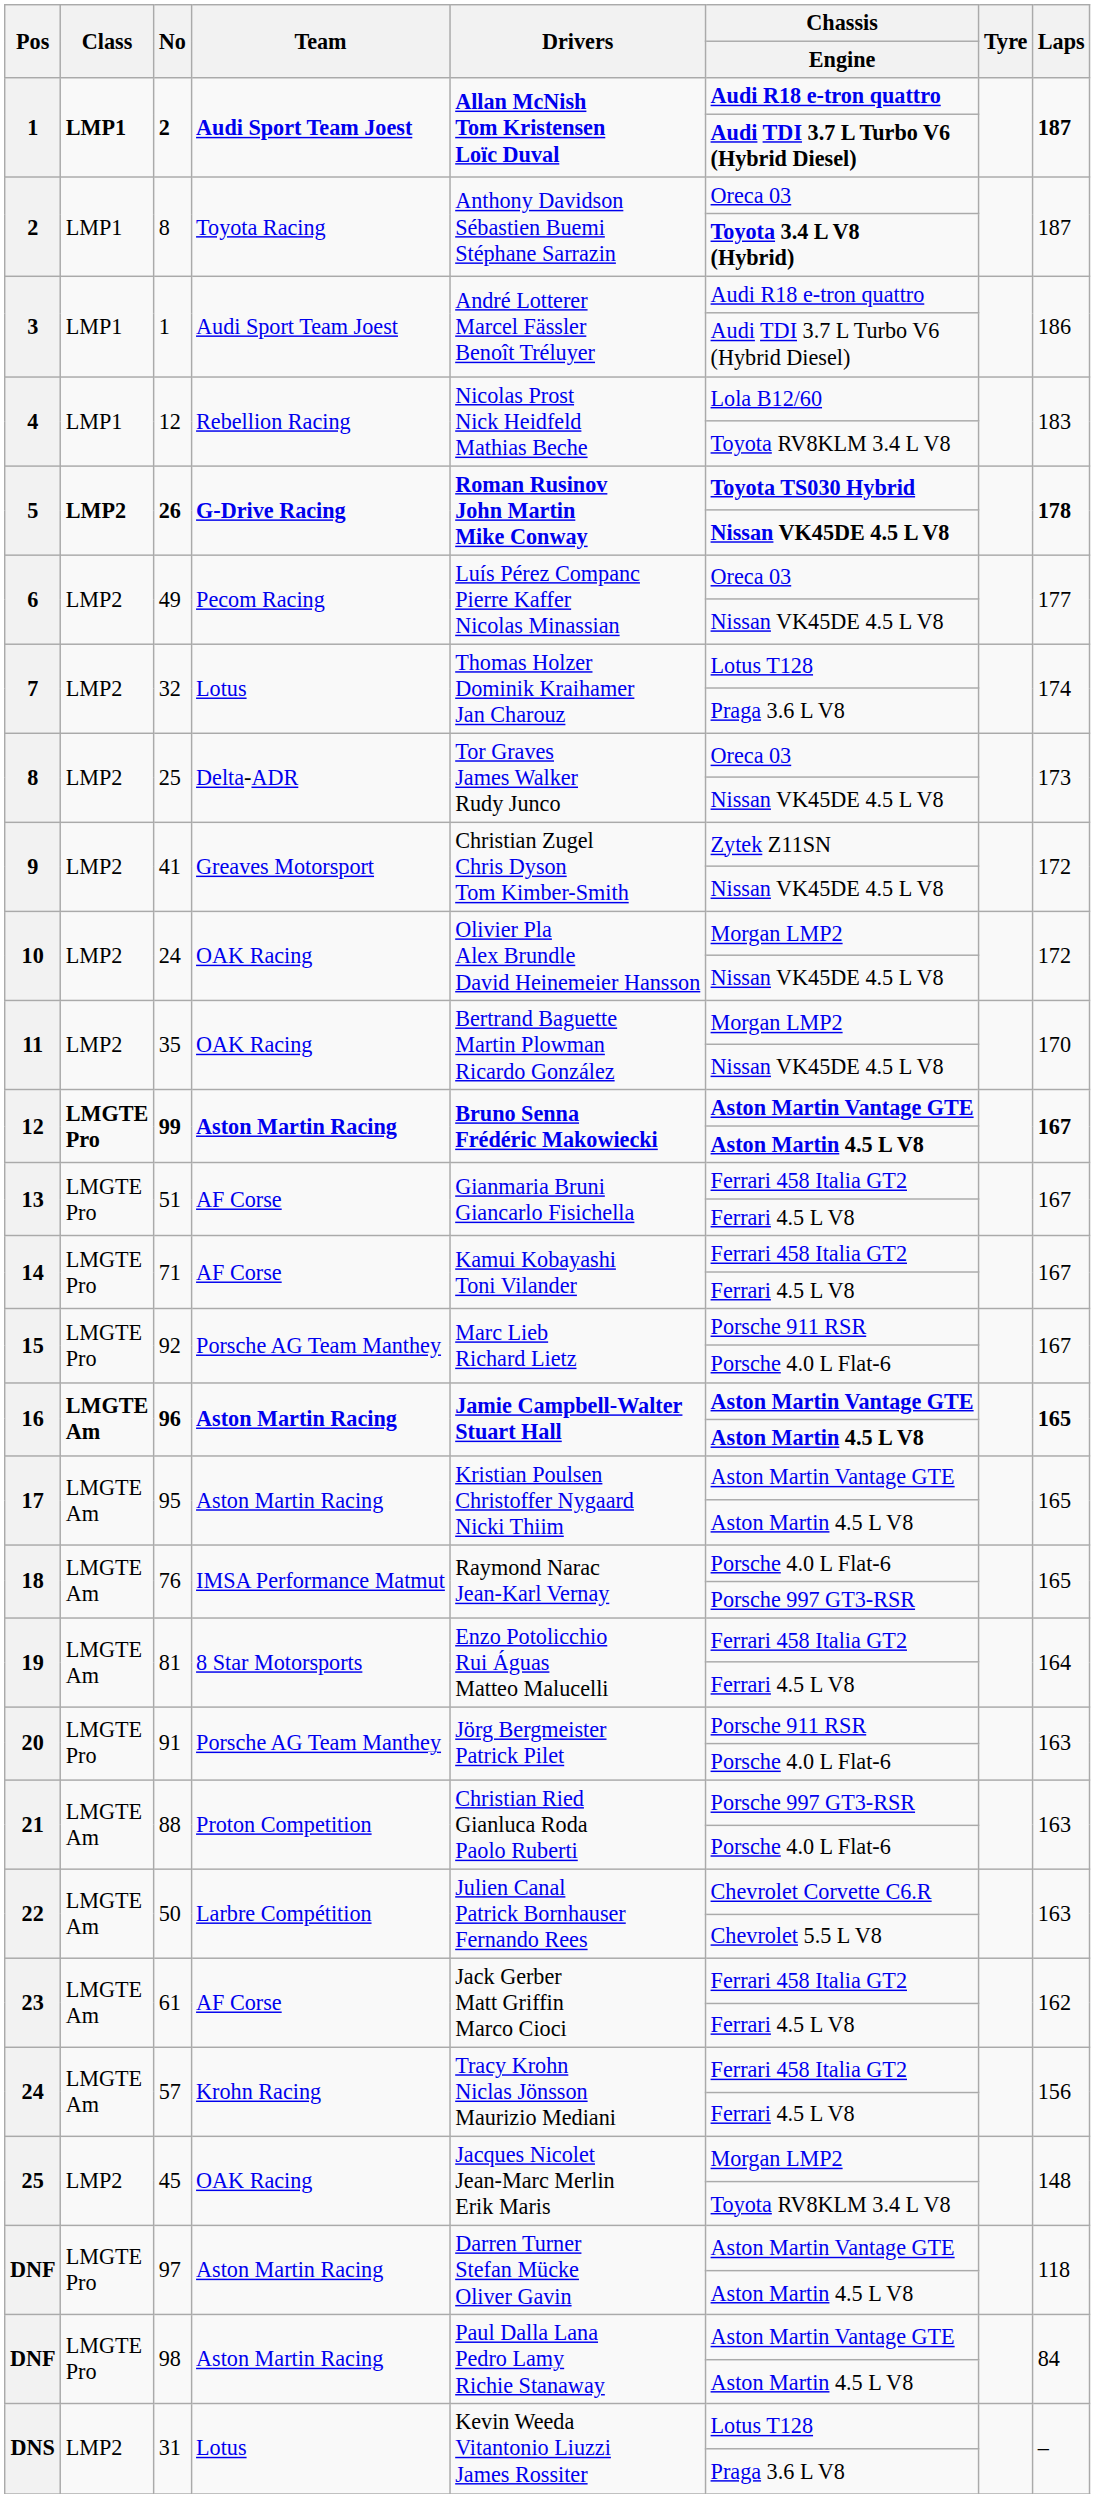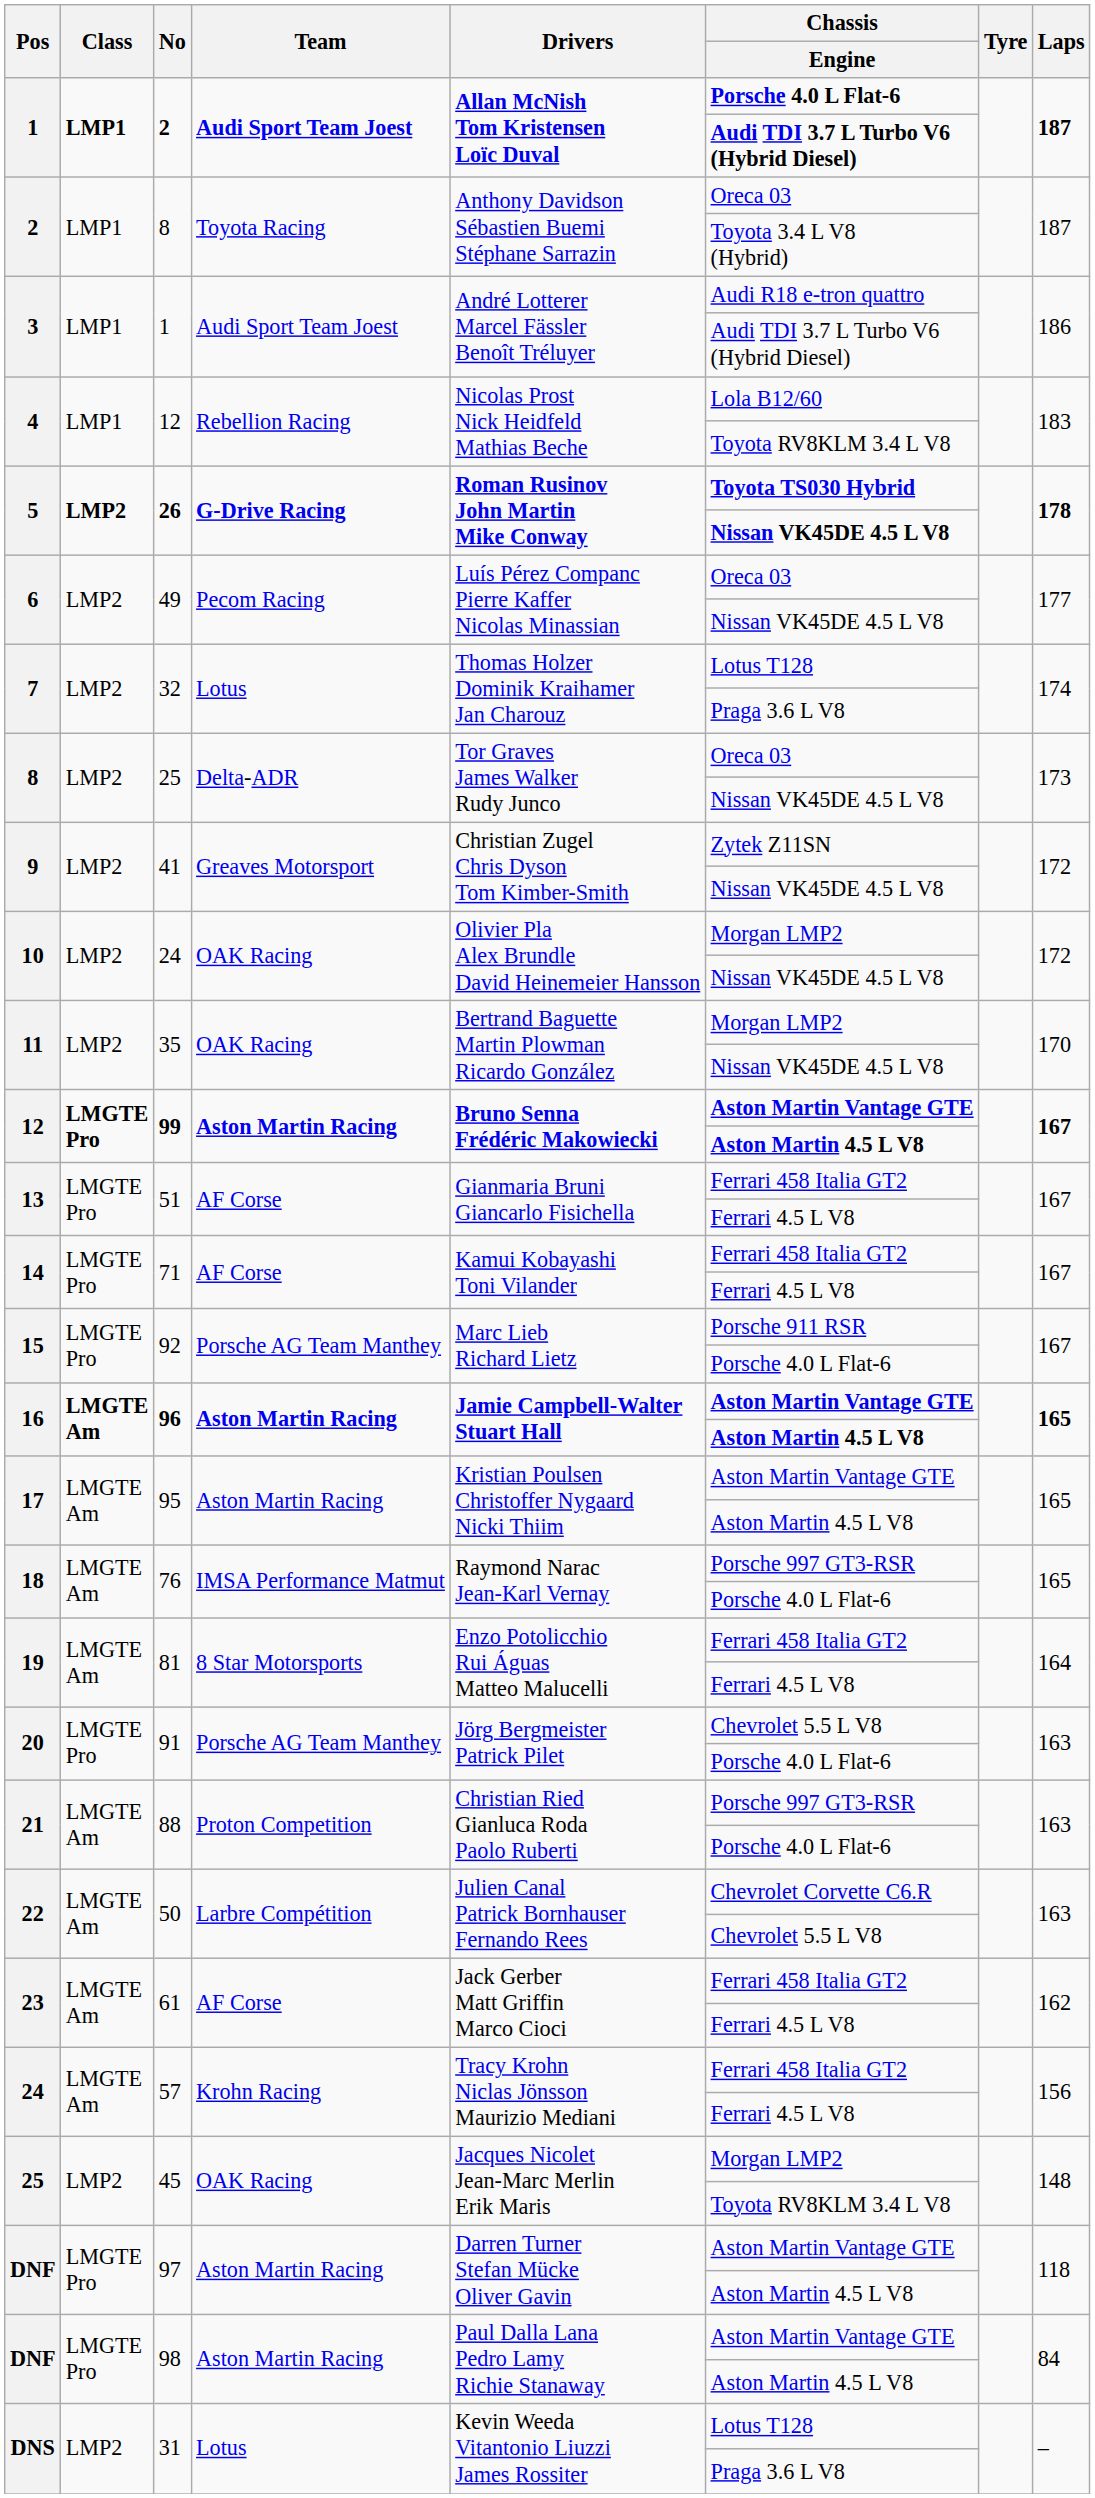 <table class="wikitable" style="font-size: 95%;">
 <tr>
 <th rowspan=2>Pos</th>
 <th rowspan=2>Class</th>
 <th rowspan=2>No</th>
 <th rowspan=2>Team</th>
 <th rowspan=2>Drivers</th>
 <th>Chassis</th>
 <th rowspan=2>Tyre</th>
 <th rowspan=2>Laps</th>
 </tr>
 <tr>
 <th>Engine</th>
 </tr>
 <tr style="font-weight:bold">
 <th rowspan=2>1</th>
 <td rowspan=2>LMP1</td>
 <td rowspan=2>2</td>
 <td rowspan=2> <a href='#'>Audi Sport Team Joest</a></td>
 <td rowspan=2> <a href='#'>Allan McNish</a><br> <a href='#'>Tom Kristensen</a><br> <a href='#'>Loïc Duval</a></td>
-<td><a href='#'>Audi R18 e-tron quattro</a></td>
+<td><a href='#'>Porsche</a> 4.0 L Flat-6</td>
 <td rowspan=2></td>
 <td rowspan=2>187</td>
 </tr>
 <tr style="font-weight:bold">
 <td><a href='#'>Audi</a> <a href='#'>TDI</a> 3.7 L Turbo V6<br>(Hybrid Diesel)</td>
 </tr>
 <tr>
 <th rowspan=2>2</th>
 <td rowspan=2>LMP1</td>
 <td rowspan=2>8</td>
 <td rowspan=2> <a href='#'>Toyota Racing</a></td>
 <td rowspan=2> <a href='#'>Anthony Davidson</a><br> <a href='#'>Sébastien Buemi</a><br> <a href='#'>Stéphane Sarrazin</a></td>
 <td><a href='#'>Oreca 03</a></td>
 <td rowspan=2></td>
 <td rowspan=2>187</td>
 </tr>
 <tr>
-<td><strong><a href='#'>Toyota</a> 3.4 L V8<br>(Hybrid)</strong></td>
+<td><a href='#'>Toyota</a> 3.4 L V8<br>(Hybrid)</td>
 </tr>
 <tr>
 <th rowspan=2>3</th>
 <td rowspan=2>LMP1</td>
 <td rowspan=2>1</td>
 <td rowspan=2> <a href='#'>Audi Sport Team Joest</a></td>
 <td rowspan=2> <a href='#'>André Lotterer</a><br> <a href='#'>Marcel Fässler</a><br> <a href='#'>Benoît Tréluyer</a></td>
 <td><a href='#'>Audi R18 e-tron quattro</a></td>
 <td rowspan=2></td>
 <td rowspan=2>186</td>
 </tr>
 <tr>
 <td><a href='#'>Audi</a> <a href='#'>TDI</a> 3.7 L Turbo V6<br>(Hybrid Diesel)</td>
 </tr>
 <tr>
 <th rowspan=2>4</th>
 <td rowspan=2>LMP1</td>
 <td rowspan=2>12</td>
 <td rowspan=2> <a href='#'>Rebellion Racing</a></td>
 <td rowspan=2> <a href='#'>Nicolas Prost</a><br> <a href='#'>Nick Heidfeld</a><br> <a href='#'>Mathias Beche</a></td>
 <td><a href='#'>Lola B12/60</a></td>
 <td rowspan=2></td>
 <td rowspan=2>183</td>
 </tr>
 <tr>
 <td><a href='#'>Toyota</a> RV8KLM 3.4 L V8</td>
 </tr>
 <tr style="font-weight:bold">
 <th rowspan=2>5</th>
 <td rowspan=2>LMP2</td>
 <td rowspan=2>26</td>
 <td rowspan=2> <a href='#'>G-Drive Racing</a></td>
 <td rowspan=2> <a href='#'>Roman Rusinov</a><br> <a href='#'>John Martin</a><br> <a href='#'>Mike Conway</a></td>
 <td><a href='#'>Toyota TS030 Hybrid</a></td>
 <td rowspan=2></td>
 <td rowspan=2>178</td>
 </tr>
 <tr style="font-weight:bold">
 <td><a href='#'>Nissan</a> VK45DE 4.5 L V8</td>
 </tr>
 <tr>
 <th rowspan=2>6</th>
 <td rowspan=2>LMP2</td>
 <td rowspan=2>49</td>
 <td rowspan=2> <a href='#'>Pecom Racing</a></td>
 <td rowspan=2> <a href='#'>Luís Pérez Companc</a><br> <a href='#'>Pierre Kaffer</a><br> <a href='#'>Nicolas Minassian</a></td>
 <td><a href='#'>Oreca 03</a></td>
 <td rowspan=2></td>
 <td rowspan=2>177</td>
 </tr>
 <tr>
 <td><a href='#'>Nissan</a> VK45DE 4.5 L V8</td>
 </tr>
 <tr>
 <th rowspan=2>7</th>
 <td rowspan=2>LMP2</td>
 <td rowspan=2>32</td>
 <td rowspan=2> <a href='#'>Lotus</a></td>
 <td rowspan=2> <a href='#'>Thomas Holzer</a><br> <a href='#'>Dominik Kraihamer</a><br> <a href='#'>Jan Charouz</a></td>
 <td><a href='#'>Lotus T128</a></td>
 <td rowspan=2></td>
 <td rowspan=2>174</td>
 </tr>
 <tr>
 <td><a href='#'>Praga</a> 3.6 L V8</td>
 </tr>
 <tr>
 <th rowspan=2>8</th>
 <td rowspan=2>LMP2</td>
 <td rowspan=2>25</td>
 <td rowspan=2> <a href='#'>Delta</a>-<a href='#'>ADR</a></td>
 <td rowspan=2> <a href='#'>Tor Graves</a><br> <a href='#'>James Walker</a><br> Rudy Junco</td>
 <td><a href='#'>Oreca 03</a></td>
 <td rowspan=2></td>
 <td rowspan=2>173</td>
 </tr>
 <tr>
 <td><a href='#'>Nissan</a> VK45DE 4.5 L V8</td>
 </tr>
 <tr>
 <th rowspan=2>9</th>
 <td rowspan=2>LMP2</td>
 <td rowspan=2>41</td>
 <td rowspan=2> <a href='#'>Greaves Motorsport</a></td>
 <td rowspan=2> Christian Zugel<br> <a href='#'>Chris Dyson</a><br> <a href='#'>Tom Kimber-Smith</a></td>
 <td><a href='#'>Zytek</a> Z11SN</td>
 <td rowspan=2></td>
 <td rowspan=2>172</td>
 </tr>
 <tr>
 <td><a href='#'>Nissan</a> VK45DE 4.5 L V8</td>
 </tr>
 <tr>
 <th rowspan=2>10</th>
 <td rowspan=2>LMP2</td>
 <td rowspan=2>24</td>
 <td rowspan=2> <a href='#'>OAK Racing</a></td>
 <td rowspan=2> <a href='#'>Olivier Pla</a><br> <a href='#'>Alex Brundle</a><br> <a href='#'>David Heinemeier Hansson</a></td>
 <td><a href='#'>Morgan LMP2</a></td>
 <td rowspan=2></td>
 <td rowspan=2>172</td>
 </tr>
 <tr>
 <td><a href='#'>Nissan</a> VK45DE 4.5 L V8</td>
 </tr>
 <tr>
 <th rowspan=2>11</th>
 <td rowspan=2>LMP2</td>
 <td rowspan=2>35</td>
 <td rowspan=2> <a href='#'>OAK Racing</a></td>
 <td rowspan=2> <a href='#'>Bertrand Baguette</a><br> <a href='#'>Martin Plowman</a><br> <a href='#'>Ricardo González</a></td>
 <td><a href='#'>Morgan LMP2</a></td>
 <td rowspan=2></td>
 <td rowspan=2>170</td>
 </tr>
 <tr>
 <td><a href='#'>Nissan</a> VK45DE 4.5 L V8</td>
 </tr>
 <tr style="font-weight:bold">
 <th rowspan=2>12</th>
 <td rowspan=2>LMGTE<br>Pro</td>
 <td rowspan=2>99</td>
 <td rowspan=2> <a href='#'>Aston Martin Racing</a></td>
 <td rowspan=2> <a href='#'>Bruno Senna</a><br> <a href='#'>Frédéric Makowiecki</a></td>
 <td><a href='#'>Aston Martin Vantage GTE</a></td>
 <td rowspan=2></td>
 <td rowspan=2>167</td>
 </tr>
 <tr style="font-weight:bold">
 <td><a href='#'>Aston Martin</a> 4.5 L V8</td>
 </tr>
 <tr>
 <th rowspan=2>13</th>
 <td rowspan=2>LMGTE<br>Pro</td>
 <td rowspan=2>51</td>
 <td rowspan=2> <a href='#'>AF Corse</a></td>
 <td rowspan=2> <a href='#'>Gianmaria Bruni</a><br> <a href='#'>Giancarlo Fisichella</a></td>
 <td><a href='#'>Ferrari 458 Italia GT2</a></td>
 <td rowspan=2></td>
 <td rowspan=2>167</td>
 </tr>
 <tr>
 <td><a href='#'>Ferrari</a> 4.5 L V8</td>
 </tr>
 <tr>
 <th rowspan=2>14</th>
 <td rowspan=2>LMGTE<br>Pro</td>
 <td rowspan=2>71</td>
 <td rowspan=2> <a href='#'>AF Corse</a></td>
 <td rowspan=2> <a href='#'>Kamui Kobayashi</a><br> <a href='#'>Toni Vilander</a></td>
 <td><a href='#'>Ferrari 458 Italia GT2</a></td>
 <td rowspan=2></td>
 <td rowspan=2>167</td>
 </tr>
 <tr>
 <td><a href='#'>Ferrari</a> 4.5 L V8</td>
 </tr>
 <tr>
 <th rowspan=2>15</th>
 <td rowspan=2>LMGTE<br>Pro</td>
 <td rowspan=2>92</td>
 <td rowspan=2> <a href='#'>Porsche AG Team Manthey</a></td>
 <td rowspan=2> <a href='#'>Marc Lieb</a><br> <a href='#'>Richard Lietz</a></td>
 <td><a href='#'>Porsche 911 RSR</a></td>
 <td rowspan=2></td>
 <td rowspan=2>167</td>
 </tr>
 <tr>
 <td><a href='#'>Porsche</a> 4.0 L Flat-6</td>
 </tr>
 <tr style="font-weight:bold">
 <th rowspan=2>16</th>
 <td rowspan=2>LMGTE<br>Am</td>
 <td rowspan=2>96</td>
 <td rowspan=2> <a href='#'>Aston Martin Racing</a></td>
 <td rowspan=2> <a href='#'>Jamie Campbell-Walter</a><br> <a href='#'>Stuart Hall</a></td>
 <td><a href='#'>Aston Martin Vantage GTE</a></td>
 <td rowspan=2></td>
 <td rowspan=2>165</td>
 </tr>
 <tr style="font-weight:bold">
 <td><a href='#'>Aston Martin</a> 4.5 L V8</td>
 </tr>
 <tr>
 <th rowspan=2>17</th>
 <td rowspan=2>LMGTE<br>Am</td>
 <td rowspan=2>95</td>
 <td rowspan=2> <a href='#'>Aston Martin Racing</a></td>
 <td rowspan=2> <a href='#'>Kristian Poulsen</a><br> <a href='#'>Christoffer Nygaard</a><br> <a href='#'>Nicki Thiim</a></td>
 <td><a href='#'>Aston Martin Vantage GTE</a></td>
 <td rowspan=2></td>
 <td rowspan=2>165</td>
 </tr>
 <tr>
 <td><a href='#'>Aston Martin</a> 4.5 L V8</td>
 </tr>
 <tr>
 <th rowspan=2>18</th>
 <td rowspan=2>LMGTE<br>Am</td>
 <td rowspan=2>76</td>
 <td rowspan=2> <a href='#'>IMSA Performance Matmut</a></td>
 <td rowspan=2> Raymond Narac<br> <a href='#'>Jean-Karl Vernay</a></td>
-<td><a href='#'>Porsche</a> 4.0 L Flat-6</td>
+<td><a href='#'>Porsche 997 GT3-RSR</a></td>
 <td rowspan=2></td>
 <td rowspan=2>165</td>
 </tr>
 <tr>
-<td><a href='#'>Porsche 997 GT3-RSR</a></td>
+<td><a href='#'>Porsche</a> 4.0 L Flat-6</td>
 </tr>
 <tr>
 <th rowspan=2>19</th>
 <td rowspan=2>LMGTE<br>Am</td>
 <td rowspan=2>81</td>
 <td rowspan=2> <a href='#'>8 Star Motorsports</a></td>
 <td rowspan=2> <a href='#'>Enzo Potolicchio</a><br> <a href='#'>Rui Águas</a><br> Matteo Malucelli</td>
 <td><a href='#'>Ferrari 458 Italia GT2</a></td>
 <td rowspan=2></td>
 <td rowspan=2>164</td>
 </tr>
 <tr>
 <td><a href='#'>Ferrari</a> 4.5 L V8</td>
 </tr>
 <tr>
 <th rowspan=2>20</th>
 <td rowspan=2>LMGTE<br>Pro</td>
 <td rowspan=2>91</td>
 <td rowspan=2> <a href='#'>Porsche AG Team Manthey</a></td>
 <td rowspan=2> <a href='#'>Jörg Bergmeister</a><br> <a href='#'>Patrick Pilet</a></td>
-<td><a href='#'>Porsche 911 RSR</a></td>
+<td><a href='#'>Chevrolet</a> 5.5 L V8</td>
 <td rowspan=2></td>
 <td rowspan=2>163</td>
 </tr>
 <tr>
 <td><a href='#'>Porsche</a> 4.0 L Flat-6</td>
 </tr>
 <tr>
 <th rowspan=2>21</th>
 <td rowspan=2>LMGTE<br>Am</td>
 <td rowspan=2>88</td>
 <td rowspan=2> <a href='#'>Proton Competition</a></td>
 <td rowspan=2> <a href='#'>Christian Ried</a><br> Gianluca Roda<br> <a href='#'>Paolo Ruberti</a></td>
 <td><a href='#'>Porsche 997 GT3-RSR</a></td>
 <td rowspan=2></td>
 <td rowspan=2>163</td>
 </tr>
 <tr>
 <td><a href='#'>Porsche</a> 4.0 L Flat-6</td>
 </tr>
 <tr>
 <th rowspan=2>22</th>
 <td rowspan=2>LMGTE<br>Am</td>
 <td rowspan=2>50</td>
 <td rowspan=2> <a href='#'>Larbre Compétition</a></td>
 <td rowspan=2> <a href='#'>Julien Canal</a><br> <a href='#'>Patrick Bornhauser</a><br> <a href='#'>Fernando Rees</a></td>
 <td><a href='#'>Chevrolet Corvette C6.R</a></td>
 <td rowspan=2></td>
 <td rowspan=2>163</td>
 </tr>
 <tr>
 <td><a href='#'>Chevrolet</a> 5.5 L V8</td>
 </tr>
 <tr>
 <th rowspan=2>23</th>
 <td rowspan=2>LMGTE<br>Am</td>
 <td rowspan=2>61</td>
 <td rowspan=2> <a href='#'>AF Corse</a></td>
 <td rowspan=2> Jack Gerber<br> Matt Griffin<br> Marco Cioci</td>
 <td><a href='#'>Ferrari 458 Italia GT2</a></td>
 <td rowspan=2></td>
 <td rowspan=2>162</td>
 </tr>
 <tr>
 <td><a href='#'>Ferrari</a> 4.5 L V8</td>
 </tr>
 <tr>
 <th rowspan=2>24</th>
 <td rowspan=2>LMGTE<br>Am</td>
 <td rowspan=2>57</td>
 <td rowspan=2> <a href='#'>Krohn Racing</a></td>
 <td rowspan=2> <a href='#'>Tracy Krohn</a><br> <a href='#'>Niclas Jönsson</a><br> Maurizio Mediani</td>
 <td><a href='#'>Ferrari 458 Italia GT2</a></td>
 <td rowspan=2></td>
 <td rowspan=2>156</td>
 </tr>
 <tr>
 <td><a href='#'>Ferrari</a> 4.5 L V8</td>
 </tr>
 <tr>
 <th rowspan=2>25</th>
 <td rowspan=2>LMP2</td>
 <td rowspan=2>45</td>
 <td rowspan=2> <a href='#'>OAK Racing</a></td>
 <td rowspan=2> <a href='#'>Jacques Nicolet</a><br> Jean-Marc Merlin<br> Erik Maris</td>
 <td><a href='#'>Morgan LMP2</a></td>
 <td rowspan=2></td>
 <td rowspan=2>148</td>
 </tr>
 <tr>
 <td><a href='#'>Toyota</a> RV8KLM 3.4 L V8</td>
 </tr>
 <tr>
 <th rowspan=2>DNF</th>
 <td rowspan=2>LMGTE<br>Pro</td>
 <td rowspan=2>97</td>
 <td rowspan=2> <a href='#'>Aston Martin Racing</a></td>
 <td rowspan=2> <a href='#'>Darren Turner</a><br> <a href='#'>Stefan Mücke</a><br> <a href='#'>Oliver Gavin</a></td>
 <td><a href='#'>Aston Martin Vantage GTE</a></td>
 <td rowspan=2></td>
 <td rowspan=2>118</td>
 </tr>
 <tr>
 <td><a href='#'>Aston Martin</a> 4.5 L V8</td>
 </tr>
 <tr>
 <th rowspan=2>DNF</th>
 <td rowspan=2>LMGTE<br>Pro</td>
 <td rowspan=2>98</td>
 <td rowspan=2> <a href='#'>Aston Martin Racing</a></td>
 <td rowspan=2> <a href='#'>Paul Dalla Lana</a><br> <a href='#'>Pedro Lamy</a><br> <a href='#'>Richie Stanaway</a></td>
 <td><a href='#'>Aston Martin Vantage GTE</a></td>
 <td rowspan=2></td>
 <td rowspan=2>84</td>
 </tr>
 <tr>
 <td><a href='#'>Aston Martin</a> 4.5 L V8</td>
 </tr>
 <tr>
 <th rowspan=2>DNS</th>
 <td rowspan=2>LMP2</td>
 <td rowspan=2>31</td>
 <td rowspan=2> <a href='#'>Lotus</a></td>
 <td rowspan=2> Kevin Weeda<br> <a href='#'>Vitantonio Liuzzi</a><br> <a href='#'>James Rossiter</a></td>
 <td><a href='#'>Lotus T128</a></td>
 <td rowspan=2></td>
 <td rowspan=2>–</td>
 </tr>
 <tr>
 <td><a href='#'>Praga</a> 3.6 L V8</td>
 </tr>
 </table>
